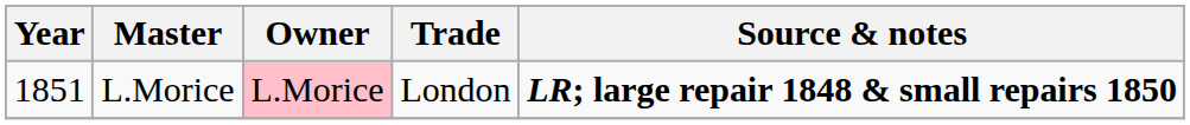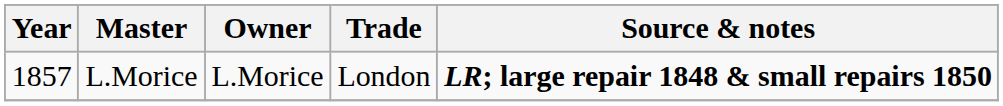 <table class=" wikitable">
 <tr>
 <th>Year</th>
 <th>Master</th>
 <th>Owner</th>
 <th>Trade</th>
 <th>Source & notes</th>
 </tr>
 <tr>
-<td>1851</td>
+<td>1857</td>
 <td>L.Morice</td>
-<td style="background: pink;">L.Morice</td>
+<td>L.Morice</td>
 <td>London</td>
 <td><strong><em>LR</em>; large repair 1848 & small repairs 1850</strong></td>
 </tr>
 <tr>
 </tr>
 </table>
